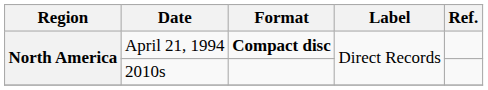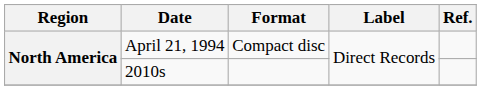 <table class="wikitable plainrowheaders">
 <tr>
 <th scope="col">Region</th>
 <th scope="col">Date</th>
 <th scope="col">Format</th>
 <th scope="col">Label</th>
 <th scope="col">Ref.</th>
 </tr>
 <tr>
 <th scope="row" rowspan="2">North America</th>
 <td>April 21, 1994</td>
-<td><strong>Compact disc</strong></td>
+<td>Compact disc</td>
 <td rowspan="2">Direct Records</td>
 <td></td>
 </tr>
 <tr>
 <td>2010s</td>
 <td></td>
 <td></td>
 </tr>
 <tr>
 </tr>
 </table>
